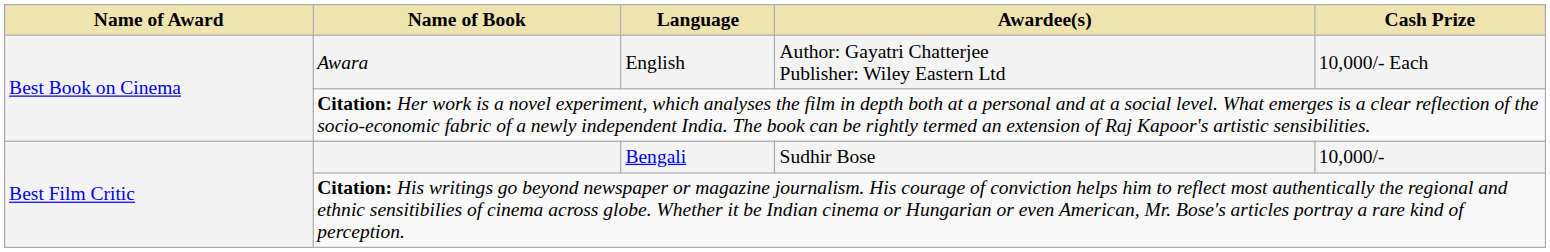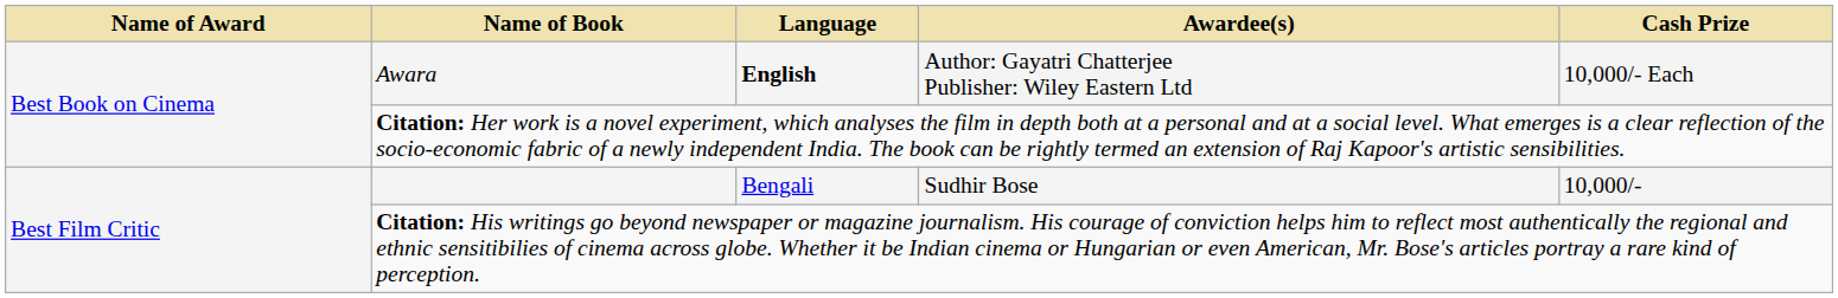 <table class="wikitable" style="width:100%;">
 <tr style="background-color:#F4F4F4">
 <th style="background-color:#EFE4B0;width:20%;">Name of Award</th>
 <th style="background-color:#EFE4B0;width:20%;">Name of Book</th>
 <th style="background-color:#EFE4B0;width:10%;">Language</th>
 <th style="background-color:#EFE4B0;width:35%;">Awardee(s)</th>
 <th style="background-color:#EFE4B0;width:15%;">Cash Prize</th>
 </tr>
 <tr style="background-color:#F4F4F4">
 <td rowspan="2"><a href='#'>Best Book on Cinema</a></td>
 <td><em>Awara</em></td>
-<td>English</td>
+<td><strong>English</strong></td>
 <td>Author: Gayatri Chatterjee<br>Publisher: Wiley Eastern Ltd</td>
 <td> 10,000/- Each</td>
 </tr>
 <tr style="background-color:#F9F9F9">
 <td colspan="4"><strong>Citation:</strong> <em>Her work is a novel experiment, which analyses the film in depth both at a personal and at a social level. What emerges is a clear reflection of the socio-economic fabric of a newly independent India. The book can be rightly termed an extension of Raj Kapoor's artistic sensibilities.</em></td>
 </tr>
 <tr style="background-color:#F4F4F4">
 <td rowspan="2"><a href='#'>Best Film Critic</a></td>
 <td></td>
 <td><a href='#'>Bengali</a></td>
 <td>Sudhir Bose</td>
 <td> 10,000/-</td>
 </tr>
 <tr style="background-color:#F9F9F9">
 <td colspan="4"><strong>Citation:</strong> <em>His writings go beyond newspaper or magazine journalism. His courage of conviction helps him to reflect most authentically the regional and ethnic sensitibilies of cinema across globe. Whether it be Indian cinema or Hungarian or even American, Mr. Bose's articles portray a rare kind of perception.</em></td>
 </tr>
 </table>
